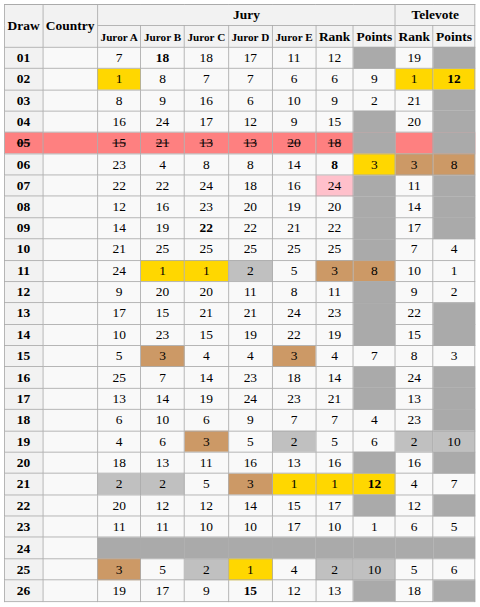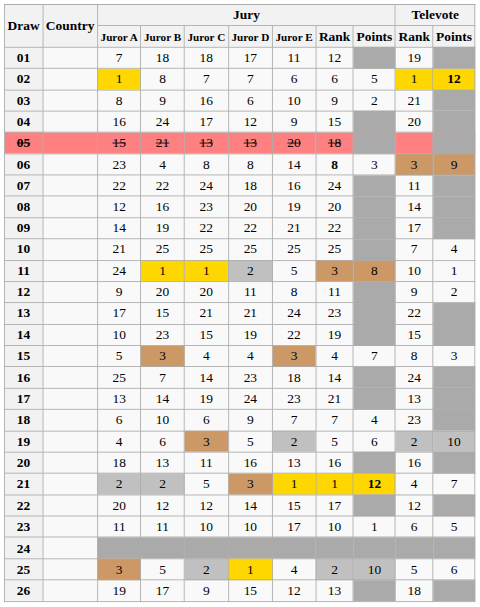 <table class="sortable wikitable collapsible plainrowheaders" style="text-align:center;">
 <tr>
 </tr>
 <tr>
 <th scope="col" rowspan="2">Draw</th>
 <th scope="col" rowspan="2">Country</th>
 <th scope="col" colspan="7">Jury</th>
 <th scope="col" colspan="2">Televote</th>
 </tr>
 <tr>
 <th scope="col"><small>Juror A</small></th>
 <th scope="col"><small>Juror B</small></th>
 <th scope="col"><small>Juror C</small></th>
 <th scope="col"><small>Juror D</small></th>
 <th scope="col"><small>Juror E</small></th>
 <th scope="col">Rank</th>
 <th scope="col" class="unsortable">Points</th>
 <th scope="col">Rank</th>
 <th scope="col" class="unsortable">Points</th>
 </tr>
 <tr>
 <th scope="row" style="text-align:center;">01</th>
 <td style="text-align:left;"></td>
 <td>7</td>
-<td><strong>18</strong></td>
+<td>18</td>
 <td>18</td>
 <td>17</td>
 <td>11</td>
 <td>12</td>
 <td style="background:#AAAAAA;"></td>
 <td>19</td>
 <td style="background:#AAAAAA;"></td>
 </tr>
 <tr>
 <th scope="row" style="text-align:center;">02</th>
 <td style="text-align:left;"></td>
 <td style="background:gold;">1</td>
 <td>8</td>
 <td>7</td>
 <td>7</td>
 <td>6</td>
 <td>6</td>
-<td>9</td>
+<td>5</td>
 <td style="background:gold;">1</td>
 <td style="background:gold;"><strong>12</strong></td>
 </tr>
 <tr>
 <th scope="row" style="text-align:center;">03</th>
 <td style="text-align:left;"></td>
 <td>8</td>
 <td>9</td>
 <td>16</td>
 <td>6</td>
 <td>10</td>
 <td>9</td>
 <td>2</td>
 <td>21</td>
 <td style="background:#AAAAAA;"></td>
 </tr>
 <tr>
 <th scope="row" style="text-align:center;">04</th>
 <td style="text-align:left;"></td>
 <td>16</td>
 <td>24</td>
 <td>17</td>
 <td>12</td>
 <td>9</td>
 <td>15</td>
 <td style="background:#AAAAAA;"></td>
 <td>20</td>
 <td style="background:#AAAAAA;"></td>
 </tr>
 <tr style="background:#FE8080">
 <th scope="row" style="text-align:center; background:#FE8080"><s>05</s></th>
 <td style="text-align:left;"><s></s> </td>
 <td><s>15</s></td>
 <td><s>21</s></td>
 <td><s>13</s></td>
 <td><s>13</s></td>
 <td><s>20</s></td>
 <td><s>18</s></td>
 <td style="background:#AAAAAA;"></td>
 <td></td>
 <td style="background:#AAAAAA;"></td>
 </tr>
 <tr>
 <th scope="row" style="text-align:center;">06</th>
 <td style="text-align:left;"></td>
 <td>23</td>
 <td>4</td>
 <td>8</td>
 <td>8</td>
 <td>14</td>
 <td><strong>8</strong></td>
-<td style="background: gold;">3</td>
+<td>3</td>
 <td style="background:#CC9966;">3</td>
-<td style="background:#CC9966;">8</td>
+<td style="background:#CC9966;">9</td>
 </tr>
 <tr>
 <th scope="row" style="text-align:center;">07</th>
 <td style="text-align:left;"></td>
 <td>22</td>
 <td>22</td>
 <td>24</td>
 <td>18</td>
 <td>16</td>
-<td style="background: pink;">24</td>
+<td>24</td>
 <td style="background:#AAAAAA;"></td>
 <td>11</td>
 <td style="background:#AAAAAA;"></td>
 </tr>
 <tr>
 <th scope="row" style="text-align:center;">08</th>
 <td style="text-align:left;"></td>
 <td>12</td>
 <td>16</td>
 <td>23</td>
 <td>20</td>
 <td>19</td>
 <td>20</td>
 <td style="background:#AAAAAA;"></td>
 <td>14</td>
 <td style="background:#AAAAAA;"></td>
 </tr>
 <tr>
 <th scope="row" style="text-align:center;">09</th>
 <td style="text-align:left;"></td>
 <td>14</td>
 <td>19</td>
-<td><strong>22</strong></td>
+<td>22</td>
 <td>22</td>
 <td>21</td>
 <td>22</td>
 <td style="background:#AAAAAA;"></td>
 <td>17</td>
 <td style="background:#AAAAAA;"></td>
 </tr>
 <tr>
 <th scope="row" style="text-align:center;">10</th>
 <td style="text-align:left;"></td>
 <td>21</td>
 <td>25</td>
 <td>25</td>
 <td>25</td>
 <td>25</td>
 <td>25</td>
 <td style="background:#AAAAAA;"></td>
 <td>7</td>
 <td>4</td>
 </tr>
 <tr>
 <th scope="row" style="text-align:center;">11</th>
 <td style="text-align:left;"></td>
 <td>24</td>
 <td style="background:gold;">1</td>
 <td style="background:gold;">1</td>
 <td style="background:silver;">2</td>
 <td>5</td>
 <td style="background:#CC9966;">3</td>
 <td style="background:#CC9966;">8</td>
 <td>10</td>
 <td>1</td>
 </tr>
 <tr>
 <th scope="row" style="text-align:center;">12</th>
 <td style="text-align:left;"></td>
 <td>9</td>
 <td>20</td>
 <td>20</td>
 <td>11</td>
 <td>8</td>
 <td>11</td>
 <td style="background:#AAAAAA;"></td>
 <td>9</td>
 <td>2</td>
 </tr>
 <tr>
 <th scope="row" style="text-align:center;">13</th>
 <td style="text-align:left;"></td>
 <td>17</td>
 <td>15</td>
 <td>21</td>
 <td>21</td>
 <td>24</td>
 <td>23</td>
 <td style="background:#AAAAAA;"></td>
 <td>22</td>
 <td style="background:#AAAAAA;"></td>
 </tr>
 <tr>
 <th scope="row" style="text-align:center;">14</th>
 <td style="text-align:left;"></td>
 <td>10</td>
 <td>23</td>
 <td>15</td>
 <td>19</td>
 <td>22</td>
 <td>19</td>
 <td style="background:#AAAAAA;"></td>
 <td>15</td>
 <td style="background:#AAAAAA;"></td>
 </tr>
 <tr>
 <th scope="row" style="text-align:center;">15</th>
 <td style="text-align:left;"></td>
 <td>5</td>
 <td style="background:#CC9966;">3</td>
 <td>4</td>
 <td>4</td>
 <td style="background:#CC9966;">3</td>
 <td>4</td>
 <td>7</td>
 <td>8</td>
 <td>3</td>
 </tr>
 <tr>
 <th scope="row" style="text-align:center;">16</th>
 <td style="text-align:left;"></td>
 <td>25</td>
 <td>7</td>
 <td>14</td>
 <td>23</td>
 <td>18</td>
 <td>14</td>
 <td style="background:#AAAAAA;"></td>
 <td>24</td>
 <td style="background:#AAAAAA;"></td>
 </tr>
 <tr>
 <th scope="row" style="text-align:center;">17</th>
 <td style="text-align:left;"></td>
 <td>13</td>
 <td>14</td>
 <td>19</td>
 <td>24</td>
 <td>23</td>
 <td>21</td>
 <td style="background:#AAAAAA;"></td>
 <td>13</td>
 <td style="background:#AAAAAA;"></td>
 </tr>
 <tr>
 <th scope="row" style="text-align:center;">18</th>
 <td style="text-align:left;"></td>
 <td>6</td>
 <td>10</td>
 <td>6</td>
 <td>9</td>
 <td>7</td>
 <td>7</td>
 <td>4</td>
 <td>23</td>
 <td style="background:#AAAAAA;"></td>
 </tr>
 <tr>
 <th scope="row" style="text-align:center;">19</th>
 <td style="text-align:left;"></td>
 <td>4</td>
 <td>6</td>
 <td style="background:#CC9966;">3</td>
 <td>5</td>
 <td style="background:silver;">2</td>
 <td>5</td>
 <td>6</td>
 <td style="background:silver;">2</td>
 <td style="background:silver;">10</td>
 </tr>
 <tr>
 <th scope="row" style="text-align:center;">20</th>
 <td style="text-align:left;"></td>
 <td>18</td>
 <td>13</td>
 <td>11</td>
 <td>16</td>
 <td>13</td>
 <td>16</td>
 <td style="background:#AAAAAA;"></td>
 <td>16</td>
 <td style="background:#AAAAAA;"></td>
 </tr>
 <tr>
 <th scope="row" style="text-align:center;">21</th>
 <td style="text-align:left;"></td>
 <td style="background:silver;">2</td>
 <td style="background:silver;">2</td>
 <td>5</td>
 <td style="background:#CC9966;">3</td>
 <td style="background:gold;">1</td>
 <td style="background:gold;">1</td>
 <td style="background:gold;"><strong>12</strong></td>
 <td>4</td>
 <td>7</td>
 </tr>
 <tr>
 <th scope="row" style="text-align:center;">22</th>
 <td style="text-align:left;"></td>
 <td>20</td>
 <td>12</td>
 <td>12</td>
 <td>14</td>
 <td>15</td>
 <td>17</td>
 <td style="background:#AAAAAA;"></td>
 <td>12</td>
 <td style="background:#AAAAAA;"></td>
 </tr>
 <tr>
 <th scope="row" style="text-align:center;">23</th>
 <td style="text-align:left;"></td>
 <td>11</td>
 <td>11</td>
 <td>10</td>
 <td>10</td>
 <td>17</td>
 <td>10</td>
 <td>1</td>
 <td>6</td>
 <td>5</td>
 </tr>
 <tr class="sortbottom">
 <th scope="row" style="text-align:center;">24</th>
 <td style="text-align:left;"></td>
 <td style="background:#AAAAAA;"></td>
 <td style="background:#AAAAAA;"></td>
 <td style="background:#AAAAAA;"></td>
 <td style="background:#AAAAAA;"></td>
 <td style="background:#AAAAAA;"></td>
 <td style="background:#AAAAAA;"></td>
 <td style="background:#AAAAAA;"></td>
 <td style="background:#AAAAAA;"></td>
 <td style="background:#AAAAAA;"></td>
 </tr>
 <tr>
 <th scope="row" style="text-align:center;">25</th>
 <td style="text-align:left;"></td>
 <td style="background:#CC9966;">3</td>
 <td>5</td>
 <td style="background:silver;">2</td>
 <td style="background:gold;">1</td>
 <td>4</td>
 <td style="background:silver;">2</td>
 <td style="background:silver;">10</td>
 <td>5</td>
 <td>6</td>
 </tr>
 <tr>
 <th scope="row" style="text-align:center;">26</th>
 <td style="text-align:left;"></td>
 <td>19</td>
 <td>17</td>
 <td>9</td>
-<td><strong>15</strong></td>
+<td>15</td>
 <td>12</td>
 <td>13</td>
 <td style="background:#AAAAAA;"></td>
 <td>18</td>
 <td style="background:#AAAAAA;"></td>
 </tr>
 </table>
